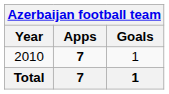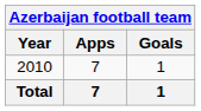 <table class="wikitable" style="text-align:center">
 <tr>
 <th colspan=3><a href='#'>Azerbaijan football team</a></th>
 </tr>
 <tr>
 <th>Year</th>
 <th>Apps</th>
 <th>Goals</th>
 </tr>
 <tr>
 <td>2010</td>
-<td><strong>7</strong></td>
+<td>7</td>
 <td>1</td>
 </tr>
 <tr>
 <th>Total</th>
 <th>7</th>
 <th>1</th>
 </tr>
 </table>
